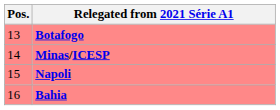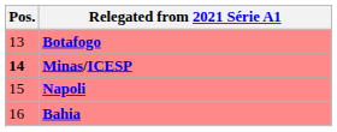 <table class="wikitable">
 <tr>
 <th style="text-align:center;">Pos.</th>
 <th width=300>Relegated from <a href='#'>2021 Série A1</a></th>
 </tr>
 <tr style="background: #FF8888;">
 <td>13</td>
 <td><strong><a href='#'>Botafogo</a></strong></td>
 </tr>
 <tr style="background: #FF8888;">
-<td>14</td>
+<td><strong>14</strong></td>
 <td><strong><a href='#'>Minas</a>/<a href='#'>ICESP</a></strong></td>
 </tr>
 <tr style="background: #FF8888;">
 <td>15</td>
 <td><strong><a href='#'>Napoli</a></strong></td>
 </tr>
 <tr style="background: #FF8888;">
 <td>16</td>
 <td><strong><a href='#'>Bahia</a></strong></td>
 </tr>
 </table>
